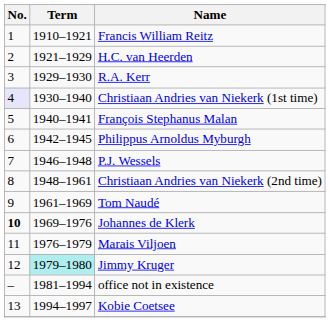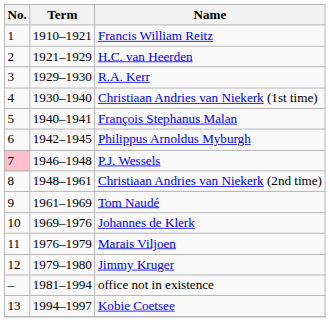 <table class="wikitable">
 <tr>
 <th>No.</th>
 <th>Term</th>
 <th>Name</th>
 </tr>
 <tr>
 <td>1</td>
 <td>1910–1921</td>
 <td><a href='#'>Francis William Reitz</a></td>
 </tr>
 <tr>
 <td>2</td>
 <td>1921–1929</td>
 <td><a href='#'>H.C. van Heerden</a></td>
 </tr>
 <tr>
 <td>3</td>
 <td>1929–1930</td>
 <td><a href='#'>R.A. Kerr</a></td>
 </tr>
 <tr>
-<td style="background: lavender;">4</td>
+<td>4</td>
 <td>1930–1940</td>
 <td><a href='#'>Christiaan Andries van Niekerk</a> (1st time)</td>
 </tr>
 <tr>
 <td>5</td>
 <td>1940–1941</td>
 <td><a href='#'>François Stephanus Malan</a></td>
 </tr>
 <tr>
 <td>6</td>
 <td>1942–1945</td>
 <td><a href='#'>Philippus Arnoldus Myburgh</a></td>
 </tr>
 <tr>
-<td>7</td>
+<td style="background: pink;">7</td>
 <td>1946–1948</td>
 <td><a href='#'>P.J. Wessels</a></td>
 </tr>
 <tr>
 <td>8</td>
 <td>1948–1961</td>
 <td><a href='#'>Christiaan Andries van Niekerk</a> (2nd time)</td>
 </tr>
 <tr>
 <td>9</td>
 <td>1961–1969</td>
 <td><a href='#'>Tom Naudé</a></td>
 </tr>
 <tr>
-<td><strong>10</strong></td>
+<td>10</td>
 <td>1969–1976</td>
 <td><a href='#'>Johannes de Klerk</a></td>
 </tr>
 <tr>
 <td>11</td>
 <td>1976–1979</td>
 <td><a href='#'>Marais Viljoen</a></td>
 </tr>
 <tr>
 <td>12</td>
-<td style="background: paleturquoise;">1979–1980</td>
+<td>1979–1980</td>
 <td><a href='#'>Jimmy Kruger</a></td>
 </tr>
 <tr>
 <td>–</td>
 <td>1981–1994</td>
 <td>office not in existence</td>
 </tr>
 <tr>
 <td>13</td>
 <td>1994–1997</td>
 <td><a href='#'>Kobie Coetsee</a></td>
 </tr>
 <tr>
 </tr>
 </table>
